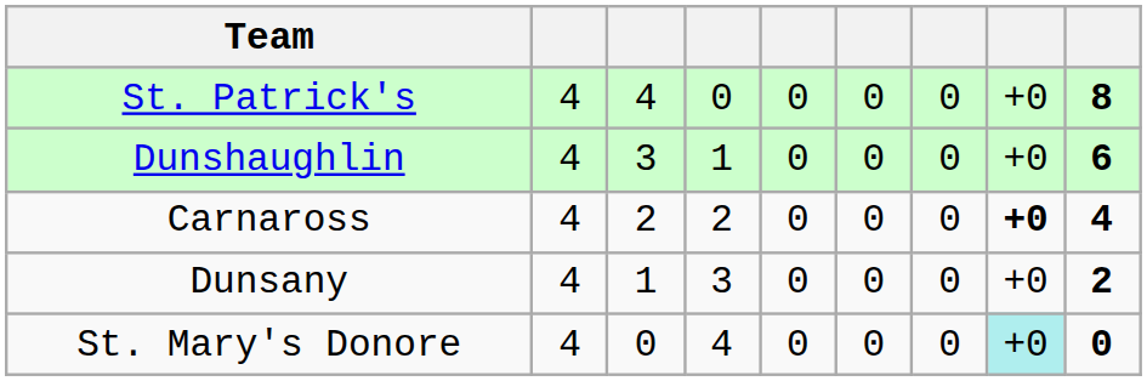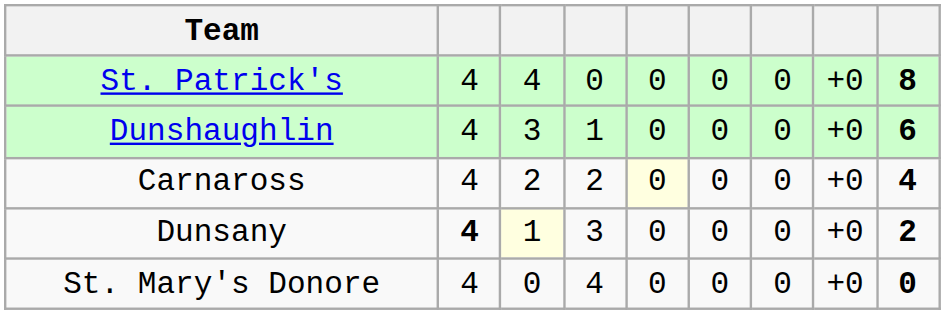 <table class="wikitable" style="text-align:center">
 <tr>
 <th width="175">Team</th>
 <th width="20"></th>
 <th width="20"></th>
 <th width="20"></th>
 <th width="20"></th>
 <th width="20"></th>
 <th width="20"></th>
 <th width="20"></th>
 <th width="20"></th>
 </tr>
 <tr style="background:#cfc;">
 <td><a href='#'>St. Patrick's</a></td>
 <td>4</td>
 <td>4</td>
 <td>0</td>
 <td>0</td>
 <td>0</td>
 <td>0</td>
 <td>+0</td>
 <td><strong>8</strong></td>
 </tr>
 <tr style="background:#cfc;">
 <td><a href='#'>Dunshaughlin</a></td>
 <td>4</td>
 <td>3</td>
 <td>1</td>
 <td>0</td>
 <td>0</td>
 <td>0</td>
 <td>+0</td>
 <td><strong>6</strong></td>
 </tr>
 <tr>
 <td>Carnaross</td>
 <td>4</td>
 <td>2</td>
 <td>2</td>
+<td style="background: lightyellow;">0</td>
 <td>0</td>
 <td>0</td>
-<td>0</td>
-<td><strong>+0</strong></td>
+<td>+0</td>
 <td><strong>4</strong></td>
 </tr>
 <tr>
 <td>Dunsany</td>
-<td>4</td>
-<td>1</td>
+<td><strong>4</strong></td>
+<td style="background: lightyellow;">1</td>
 <td>3</td>
 <td>0</td>
 <td>0</td>
 <td>0</td>
 <td>+0</td>
 <td><strong>2</strong></td>
 </tr>
 <tr>
 <td>St. Mary's Donore</td>
 <td>4</td>
 <td>0</td>
 <td>4</td>
 <td>0</td>
 <td>0</td>
 <td>0</td>
-<td style="background: paleturquoise;">+0</td>
+<td>+0</td>
 <td><strong>0</strong></td>
 </tr>
 </table>
